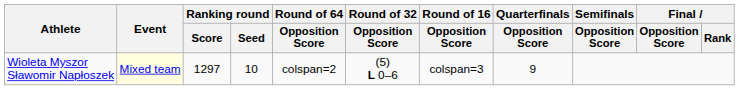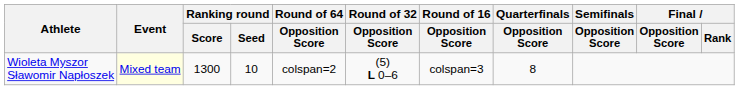 <table class="wikitable" style="font-size:90%">
 <tr>
 <th rowspan="2">Athlete</th>
 <th rowspan="2">Event</th>
 <th colspan="2">Ranking round</th>
 <th>Round of 64</th>
 <th>Round of 32</th>
 <th>Round of 16</th>
 <th>Quarterfinals</th>
 <th>Semifinals</th>
 <th colspan="2">Final / </th>
 </tr>
 <tr style="font-size:95%">
 <th>Score</th>
 <th>Seed</th>
 <th>Opposition<br>Score</th>
 <th>Opposition<br>Score</th>
 <th>Opposition<br>Score</th>
 <th>Opposition<br>Score</th>
 <th>Opposition<br>Score</th>
 <th>Opposition<br>Score</th>
 <th>Rank</th>
 </tr>
 <tr align=center>
 <td align=left><a href='#'>Wioleta Myszor</a><br><a href='#'>Sławomir Napłoszek</a></td>
 <td style="background: lightyellow;"><a href='#'>Mixed team</a></td>
-<td>1297</td>
+<td>1300</td>
 <td>10</td>
 <td>colspan=2 </td>
 <td> (5)<br><strong>L</strong> 0–6</td>
 <td>colspan=3 </td>
-<td>9</td>
+<td>8</td>
 </tr>
 </table>
